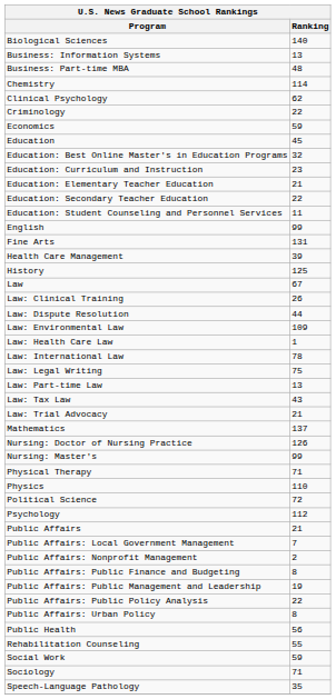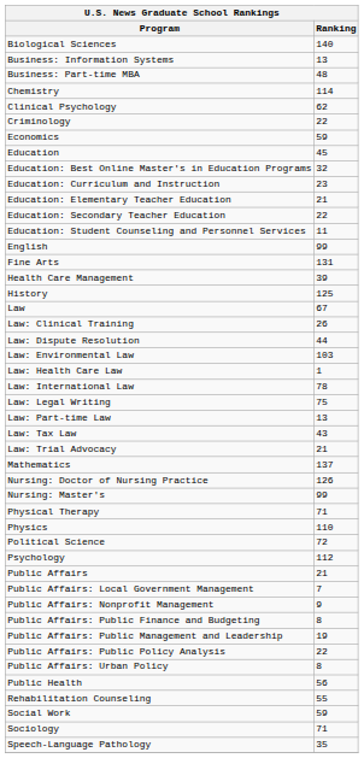 <table class="wikitable sortable collapsible collapsed floatright" "text-align:center">
 <tr>
 <th colspan=4>U.S. News Graduate School Rankings</th>
 </tr>
 <tr>
 <th>Program</th>
 <th>Ranking</th>
 </tr>
 <tr>
 <td>Biological Sciences</td>
 <td>140</td>
 </tr>
 <tr>
 <td>Business: Information Systems</td>
 <td>13</td>
 </tr>
 <tr>
 <td>Business: Part-time MBA</td>
 <td>48</td>
 </tr>
 <tr>
 <td>Chemistry</td>
 <td>114</td>
 </tr>
 <tr>
 <td>Clinical Psychology</td>
 <td>62</td>
 </tr>
 <tr>
 <td>Criminology</td>
 <td>22</td>
 </tr>
 <tr>
 <td>Economics</td>
 <td>59</td>
 </tr>
 <tr>
 <td>Education</td>
 <td>45</td>
 </tr>
 <tr>
 <td>Education: Best Online Master's in Education Programs</td>
 <td>32</td>
 </tr>
 <tr>
 <td>Education: Curriculum and Instruction</td>
 <td>23</td>
 </tr>
 <tr>
 <td>Education: Elementary Teacher Education</td>
 <td>21</td>
 </tr>
 <tr>
 <td>Education: Secondary Teacher Education</td>
 <td>22</td>
 </tr>
 <tr>
 <td>Education: Student Counseling and Personnel Services</td>
 <td>11</td>
 </tr>
 <tr>
 <td>English</td>
 <td>99</td>
 </tr>
 <tr>
 <td>Fine Arts</td>
 <td>131</td>
 </tr>
 <tr>
 <td>Health Care Management</td>
 <td>39</td>
 </tr>
 <tr>
 <td>History</td>
 <td>125</td>
 </tr>
 <tr>
 <td>Law</td>
 <td>67</td>
 </tr>
 <tr>
 <td>Law: Clinical Training</td>
 <td>26</td>
 </tr>
 <tr>
 <td>Law: Dispute Resolution</td>
 <td>44</td>
 </tr>
 <tr>
 <td>Law: Environmental Law</td>
-<td>109</td>
+<td>103</td>
 </tr>
 <tr>
 <td>Law: Health Care Law</td>
 <td>1</td>
 </tr>
 <tr>
 <td>Law: International Law</td>
 <td>78</td>
 </tr>
 <tr>
 <td>Law: Legal Writing</td>
 <td>75</td>
 </tr>
 <tr>
 <td>Law: Part-time Law</td>
 <td>13</td>
 </tr>
 <tr>
 <td>Law: Tax Law</td>
 <td>43</td>
 </tr>
 <tr>
 <td>Law: Trial Advocacy</td>
 <td>21</td>
 </tr>
 <tr>
 <td>Mathematics</td>
 <td>137</td>
 </tr>
 <tr>
 <td>Nursing: Doctor of Nursing Practice</td>
 <td>126</td>
 </tr>
 <tr>
 <td>Nursing: Master's</td>
 <td>99</td>
 </tr>
 <tr>
 <td>Physical Therapy</td>
 <td>71</td>
 </tr>
 <tr>
 <td>Physics</td>
 <td>110</td>
 </tr>
 <tr>
 <td>Political Science</td>
 <td>72</td>
 </tr>
 <tr>
 <td>Psychology</td>
 <td>112</td>
 </tr>
 <tr>
 <td>Public Affairs</td>
 <td>21</td>
 </tr>
 <tr>
 <td>Public Affairs: Local Government Management</td>
 <td>7</td>
 </tr>
 <tr>
 <td>Public Affairs: Nonprofit Management</td>
-<td>2</td>
+<td>9</td>
 </tr>
 <tr>
 <td>Public Affairs: Public Finance and Budgeting</td>
 <td>8</td>
 </tr>
 <tr>
 <td>Public Affairs: Public Management and Leadership</td>
 <td>19</td>
 </tr>
 <tr>
 <td>Public Affairs: Public Policy Analysis</td>
 <td>22</td>
 </tr>
 <tr>
 <td>Public Affairs: Urban Policy</td>
 <td>8</td>
 </tr>
 <tr>
 <td>Public Health</td>
 <td>56</td>
 </tr>
 <tr>
 <td>Rehabilitation Counseling</td>
 <td>55</td>
 </tr>
 <tr>
 <td>Social Work</td>
 <td>59</td>
 </tr>
 <tr>
 <td>Sociology</td>
 <td>71</td>
 </tr>
 <tr>
 <td>Speech-Language Pathology</td>
 <td>35</td>
 </tr>
 <tr>
 </tr>
 </table>
